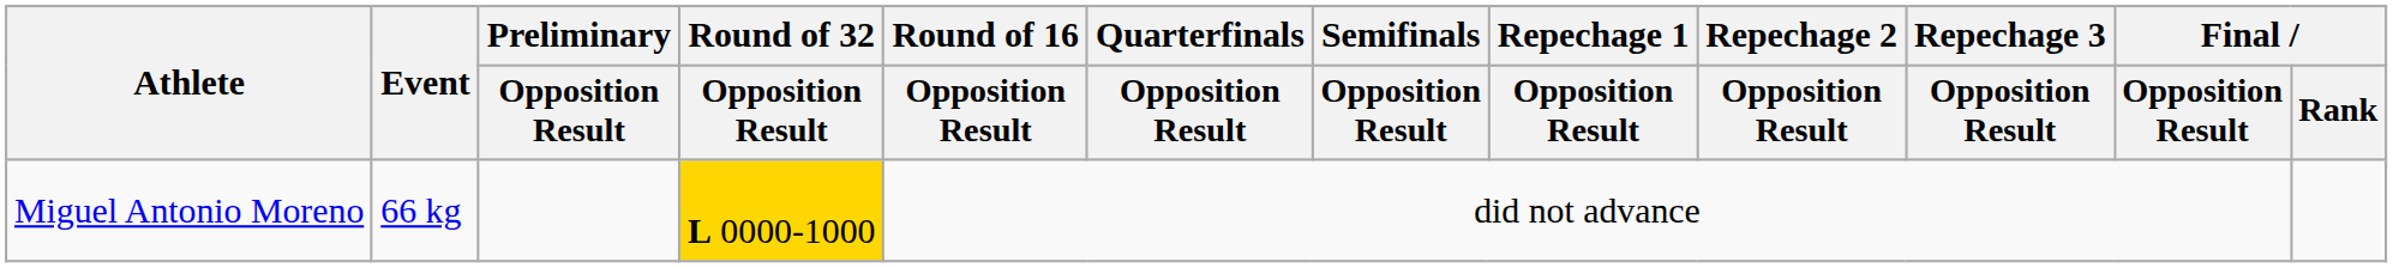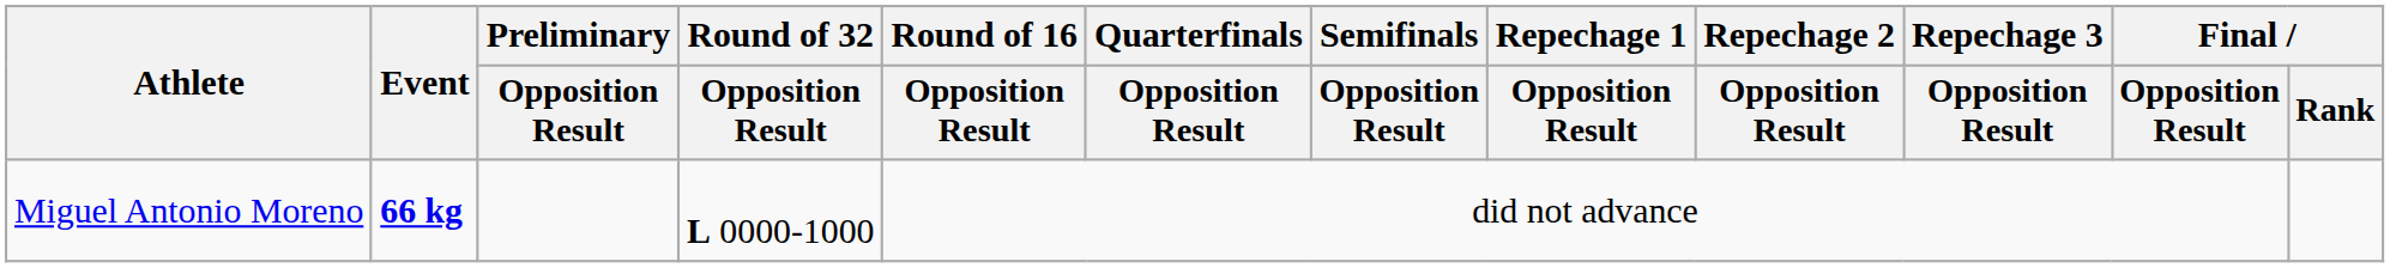 <table class="wikitable" style="font-size:90%">
 <tr>
 <th rowspan="2">Athlete</th>
 <th rowspan="2">Event</th>
 <th>Preliminary</th>
 <th>Round of 32</th>
 <th>Round of 16</th>
 <th>Quarterfinals</th>
 <th>Semifinals</th>
 <th>Repechage 1</th>
 <th>Repechage 2</th>
 <th>Repechage 3</th>
 <th colspan=2>Final / </th>
 </tr>
 <tr style="font-size:95%">
 <th>Opposition<br>Result</th>
 <th>Opposition<br>Result</th>
 <th>Opposition<br>Result</th>
 <th>Opposition<br>Result</th>
 <th>Opposition<br>Result</th>
 <th>Opposition<br>Result</th>
 <th>Opposition<br>Result</th>
 <th>Opposition<br>Result</th>
 <th>Opposition<br>Result</th>
 <th>Rank</th>
 </tr>
 <tr align=center>
 <td align=left><a href='#'>Miguel Antonio Moreno</a></td>
-<td align=left><a href='#'>66 kg</a></td>
+<td align=left><strong><a href='#'>66 kg</a></strong></td>
 <td></td>
-<td style="background: gold;"><br><strong>L</strong> 0000-1000</td>
+<td><br><strong>L</strong> 0000-1000</td>
 <td colspan=7>did not advance</td>
 <td></td>
 </tr>
 </table>
